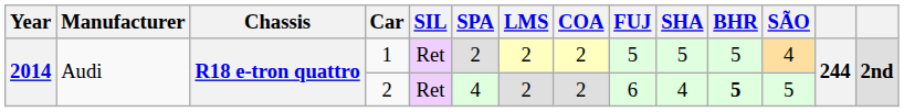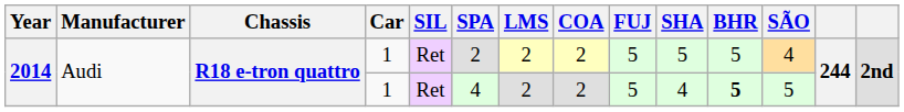 <table class="wikitable" style="font-size: 85%; text-align:center">
 <tr valign="top">
 <th valign="middle">Year</th>
 <th valign="middle">Manufacturer</th>
 <th valign="middle">Chassis</th>
 <th valign="middle">Car</th>
 <th><a href='#'>SIL</a><br></th>
 <th><a href='#'>SPA</a><br></th>
 <th><a href='#'>LMS</a><br></th>
 <th><a href='#'>COA</a><br></th>
 <th><a href='#'>FUJ</a><br></th>
 <th><a href='#'>SHA</a><br></th>
 <th><a href='#'>BHR</a><br></th>
 <th><a href='#'>SÃO</a><br></th>
 <th valign="middle"></th>
 <th valign="middle"></th>
 </tr>
 <tr>
 <th rowspan="2"><a href='#'>2014</a></th>
 <td align="left" rowspan="2"> Audi</td>
 <th rowspan="2"><a href='#'>R18 e-tron quattro</a></th>
 <td>1</td>
 <td style="background:#efcfff;">Ret</td>
 <td style="background:#DFDFDF;">2</td>
 <td style="background:#FFFFBF;">2</td>
 <td style="background:#FFFFBF;">2</td>
 <td style="background:#DFFFDF;">5</td>
 <td style="background:#DFFFDF;">5</td>
 <td style="background:#DFFFDF;">5</td>
 <td style="background:#ffdf9f;">4</td>
 <th rowspan="2">244</th>
 <td style="background:#DFDFDF;" rowspan="3"><strong>2nd</strong></td>
 </tr>
 <tr>
-<td>2</td>
+<td>1</td>
 <td style="background:#efcfff;">Ret</td>
 <td style="background:#DFFFDF;">4</td>
 <td style="background:#DFDFDF;">2</td>
 <td style="background:#DFDFDF;">2</td>
-<td style="background:#DFFFDF;">6</td>
+<td style="background:#DFFFDF;">5</td>
 <td style="background:#DFFFDF;">4</td>
 <td style="background:#DFFFDF;"><strong>5</strong></td>
 <td style="background:#DFFFDF;">5</td>
 </tr>
 </table>
